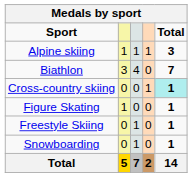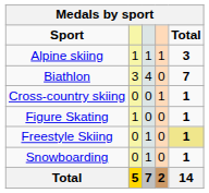 <table class="wikitable" style="font-size:85%;float:right">
 <tr style="background:#efefef;">
 <th colspan=5><strong>Medals by sport</strong></th>
 </tr>
 <tr align=center>
 <td><strong>Sport</strong></td>
 <td bgcolor=#f7f6a8></td>
 <td bgcolor=#dce5e5></td>
 <td bgcolor=#ffdab9></td>
 <td><strong>Total</strong></td>
 </tr>
 <tr align=center>
 <td><a href='#'>Alpine skiing</a></td>
 <td style="background:#F7F6A8;">1</td>
 <td style="background:#DCE5E5;">1</td>
 <td style="background:#FFDAB9;">1</td>
 <td><strong>3</strong></td>
 </tr>
 <tr align=center>
 <td><a href='#'>Biathlon</a></td>
 <td style="background:#F7F6A8;">3</td>
 <td style="background:#DCE5E5;">4</td>
 <td style="background:#FFDAB9;">0</td>
 <td><strong>7</strong></td>
 </tr>
 <tr align=center>
 <td><a href='#'>Cross-country skiing</a></td>
 <td style="background:#F7F6A8;">0</td>
 <td style="background:#DCE5E5;">0</td>
 <td style="background:#FFDAB9;">1</td>
-<td style="background: paleturquoise;"><strong>1</strong></td>
+<td><strong>1</strong></td>
 </tr>
 <tr align=center>
 <td><a href='#'>Figure Skating</a></td>
 <td style="background:#F7F6A8;">1</td>
 <td style="background:#DCE5E5;">0</td>
 <td style="background:#FFDAB9;">0</td>
 <td><strong>1</strong></td>
 </tr>
 <tr align=center>
 <td><a href='#'>Freestyle Skiing</a></td>
 <td style="background:#F7F6A8;">0</td>
 <td style="background:#DCE5E5;">1</td>
 <td style="background:#FFDAB9;">0</td>
-<td><strong>1</strong></td>
+<td style="background: khaki;"><strong>1</strong></td>
 </tr>
 <tr align=center>
 <td><a href='#'>Snowboarding</a></td>
 <td style="background:#F7F6A8;">0</td>
 <td style="background:#DCE5E5;">1</td>
 <td style="background:#FFDAB9;">0</td>
 <td><strong>1</strong></td>
 </tr>
 <tr align=center>
 <th><strong>Total</strong></th>
 <th style="background:gold;"><strong>5</strong></th>
 <th style="background:silver;"><strong>7</strong></th>
 <th style="background:#c96;"><strong>2</strong></th>
 <th><strong>14</strong></th>
 </tr>
 </table>
